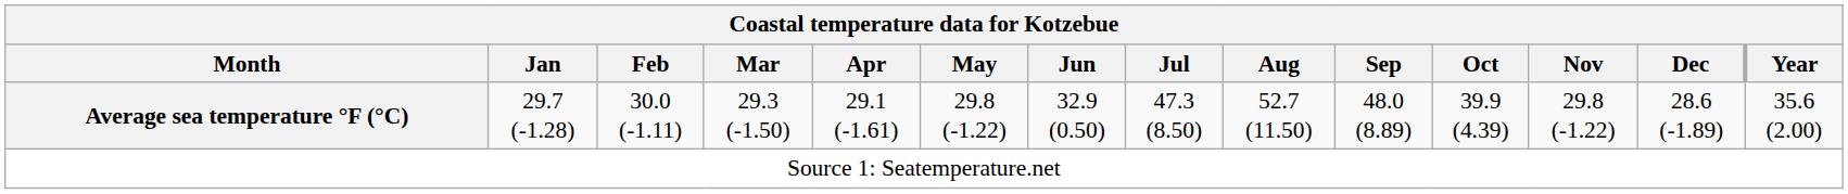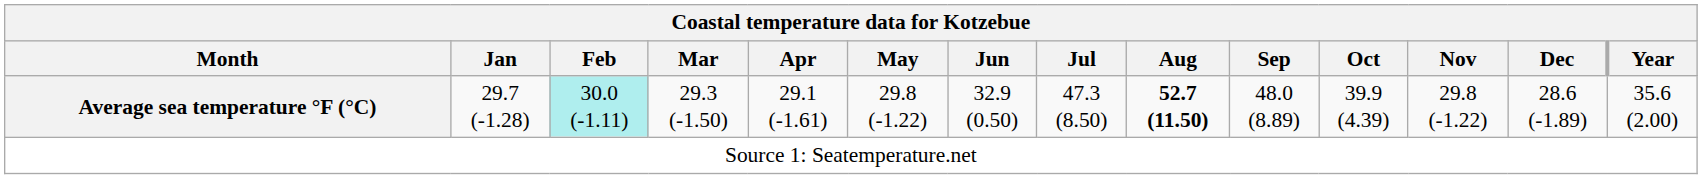 <table style="width:100%;text-align:center;line-height:1.2em;margin-left:auto;margin-right:auto" class="wikitable">
 <tr>
 <th Colspan=14>Coastal temperature data for Kotzebue</th>
 </tr>
 <tr>
 <th>Month</th>
 <th>Jan</th>
 <th>Feb</th>
 <th>Mar</th>
 <th>Apr</th>
 <th>May</th>
 <th>Jun</th>
 <th>Jul</th>
 <th>Aug</th>
 <th>Sep</th>
 <th>Oct</th>
 <th>Nov</th>
 <th>Dec</th>
 <th style="border-left-width:medium">Year</th>
 </tr>
 <tr>
 <th>Average sea temperature °F (°C)</th>
 <td>29.7<br>(-1.28)</td>
-<td>30.0<br>(-1.11)</td>
+<td style="background: paleturquoise;">30.0<br>(-1.11)</td>
 <td>29.3<br>(-1.50)</td>
 <td>29.1<br>(-1.61)</td>
 <td>29.8<br>(-1.22)</td>
 <td>32.9<br>(0.50)</td>
 <td>47.3<br>(8.50)</td>
-<td>52.7<br>(11.50)</td>
+<td><strong>52.7<br>(11.50)</strong></td>
 <td>48.0<br>(8.89)</td>
 <td>39.9<br>(4.39)</td>
 <td>29.8<br>(-1.22)</td>
 <td>28.6<br>(-1.89)</td>
 <td>35.6<br>(2.00)</td>
 </tr>
 <tr>
 <th Colspan=14 style="background:#ffffff;font-weight:normal;font-size:100%;">Source 1: Seatemperature.net</th>
 </tr>
 </table>
